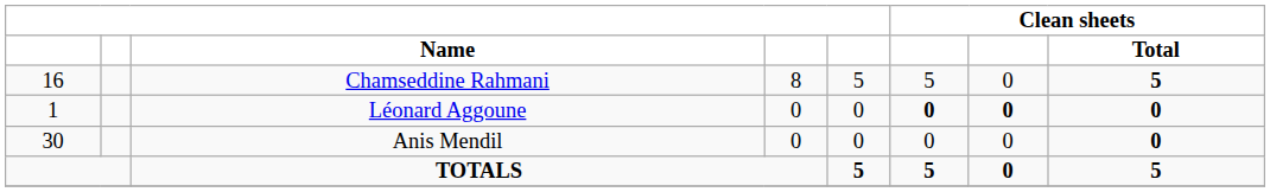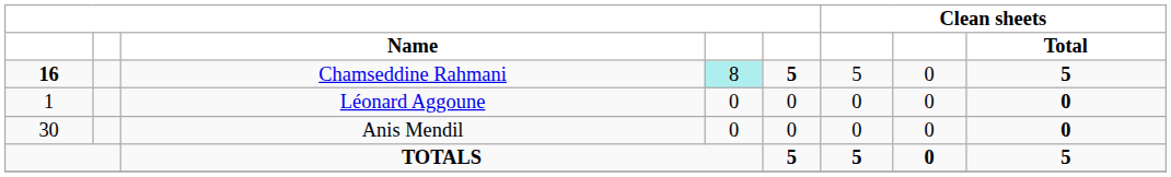 <table class="wikitable sortable alternance"  style="font-size:96%; text-align:center; line-height:14px; width:70%;">
 <tr>
 <th colspan="5" style="background:white; color:black; text-align:center;"></th>
 <th colspan="5" style="background:white; color:black; text-align:center;">Clean sheets</th>
 </tr>
 <tr>
 <th style="background:white; color:black; text-align:center;"></th>
 <th style="background:white; color:black; text-align:center;"></th>
 <th style="background:white; color:black; text-align:center;">Name</th>
 <th style="background:white; color:black; text-align:center;"></th>
 <th style="background:white; color:black; text-align:center;"></th>
 <th style="background:white; color:black; text-align:center;"></th>
 <th style="background:white; color:black; text-align:center;"></th>
 <th style="background:white; color:black; text-align:center;">Total</th>
 </tr>
 <tr>
-<td>16</td>
+<td><strong>16</strong></td>
 <td></td>
 <td><a href='#'>Chamseddine Rahmani</a></td>
-<td>8</td>
-<td>5</td>
+<td style="background: paleturquoise;">8</td>
+<td><strong>5</strong></td>
 <td>5</td>
 <td>0</td>
 <td><strong>5</strong></td>
 </tr>
 <tr>
 <td>1</td>
 <td></td>
 <td><a href='#'>Léonard Aggoune</a></td>
 <td>0</td>
 <td>0</td>
-<td><strong>0</strong></td>
-<td><strong>0</strong></td>
+<td>0</td>
+<td>0</td>
 <td><strong>0</strong></td>
 </tr>
 <tr>
 <td>30</td>
 <td></td>
 <td>Anis Mendil</td>
 <td>0</td>
 <td>0</td>
 <td>0</td>
 <td>0</td>
 <td><strong>0</strong></td>
 </tr>
 <tr>
 <td colspan="2"></td>
 <td colspan="2"><strong>TOTALS</strong></td>
 <td><strong>5</strong></td>
 <td><strong>5</strong></td>
 <td><strong>0</strong></td>
 <td><strong>5</strong></td>
 </tr>
 <tr>
 </tr>
 </table>
